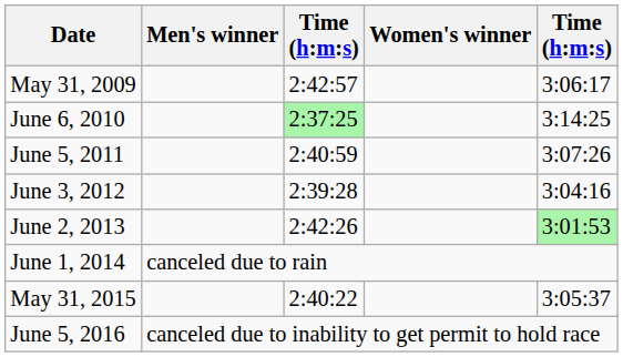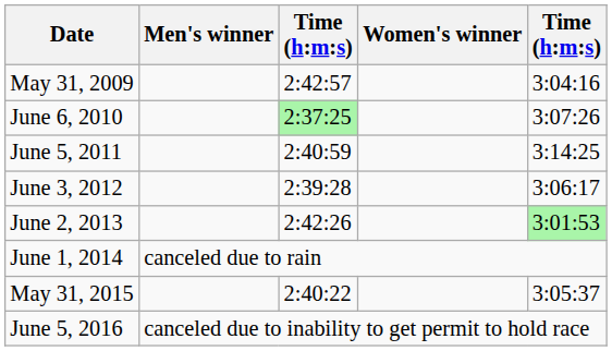 <table class="wikitable" style=" text-align:left">
 <tr>
 <th>Date</th>
 <th>Men's winner</th>
 <th>Time<br>(<a href='#'>h</a>:<a href='#'>m</a>:<a href='#'>s</a>)</th>
 <th>Women's winner</th>
 <th>Time<br>(<a href='#'>h</a>:<a href='#'>m</a>:<a href='#'>s</a>)</th>
 </tr>
 <tr>
 <td>May 31, 2009</td>
 <td></td>
 <td>2:42:57</td>
 <td></td>
-<td>3:06:17</td>
+<td>3:04:16</td>
 </tr>
 <tr>
 <td>June 6, 2010</td>
 <td></td>
 <td bgcolor=#A9F5A9>2:37:25</td>
 <td></td>
-<td>3:14:25</td>
+<td>3:07:26</td>
 </tr>
 <tr>
 <td>June 5, 2011</td>
 <td></td>
 <td>2:40:59</td>
 <td></td>
-<td>3:07:26</td>
+<td>3:14:25</td>
 </tr>
 <tr>
 <td>June 3, 2012</td>
 <td></td>
 <td>2:39:28</td>
 <td></td>
-<td>3:04:16</td>
+<td>3:06:17</td>
 </tr>
 <tr>
 <td>June 2, 2013</td>
 <td></td>
 <td>2:42:26</td>
 <td></td>
 <td bgcolor=#A9F5A9>3:01:53</td>
 </tr>
 <tr>
 <td>June 1, 2014</td>
 <td colspan=4>canceled due to rain</td>
 </tr>
 <tr>
 <td>May 31, 2015</td>
 <td></td>
 <td>2:40:22</td>
 <td></td>
 <td>3:05:37</td>
 </tr>
 <tr>
 <td>June 5, 2016</td>
 <td colspan=4>canceled due to inability to get permit to hold race</td>
 </tr>
 </table>
